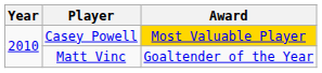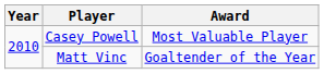 <table class="wikitable">
 <tr>
 <th>Year</th>
 <th>Player</th>
 <th>Award</th>
 </tr>
 <tr ALIGN=center>
 <td rowspan="2"><a href='#'>2010</a></td>
 <td><a href='#'>Casey Powell</a></td>
-<td style="background: gold;"><a href='#'>Most Valuable Player</a></td>
+<td><a href='#'>Most Valuable Player</a></td>
 </tr>
 <tr ALIGN=center>
 <td><a href='#'>Matt Vinc</a></td>
 <td><a href='#'>Goaltender of the Year</a></td>
 </tr>
 </table>
